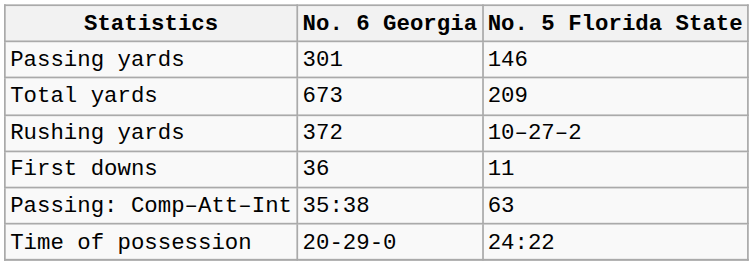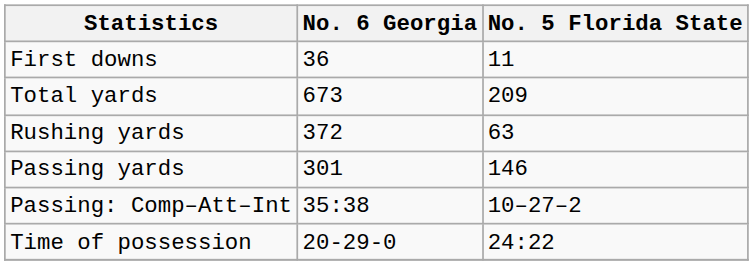 <table class="wikitable" style="float: left;">
 <tr>
 <th>Statistics</th>
 <th>No. 6 Georgia</th>
 <th>No. 5 Florida  State</th>
 </tr>
 <tr>
-<td>Passing yards</td>
-<td>301</td>
-<td>146</td>
+<td>First downs</td>
+<td>36</td>
+<td>11</td>
 </tr>
 <tr>
 <td>Total yards</td>
 <td>673</td>
 <td>209</td>
 </tr>
 <tr>
 <td>Rushing yards</td>
 <td>372</td>
-<td>10–27–2</td>
+<td>63</td>
 </tr>
 <tr>
-<td>First downs</td>
-<td>36</td>
-<td>11</td>
+<td>Passing yards</td>
+<td>301</td>
+<td>146</td>
 </tr>
 <tr>
 <td>Passing: Comp–Att–Int</td>
 <td>35:38</td>
-<td>63</td>
+<td>10–27–2</td>
 </tr>
 <tr>
 <td>Time of possession</td>
 <td>20-29-0</td>
 <td>24:22</td>
 </tr>
 <tr>
 </tr>
 </table>
